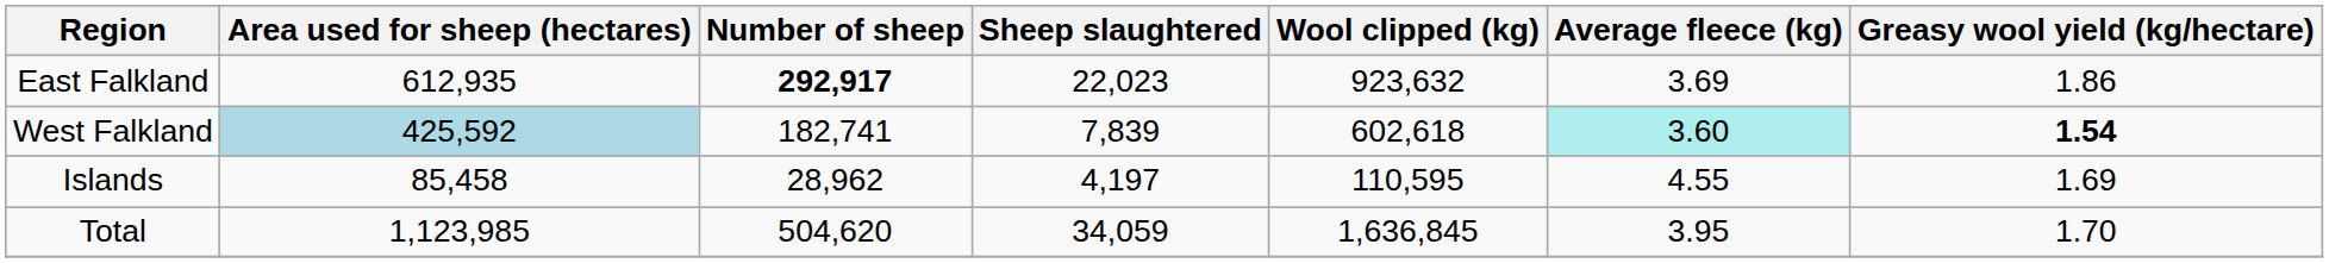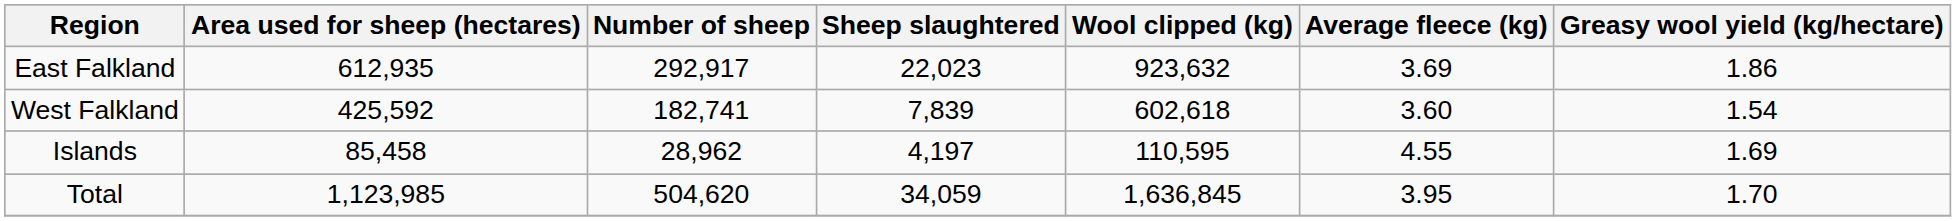 <table class="wikitable" style="text-align: center;">
 <tr bgcolor="#efefef">
 <th>Region</th>
 <th>Area used for sheep (hectares)</th>
 <th>Number of sheep</th>
 <th>Sheep slaughtered</th>
 <th>Wool clipped (kg)</th>
 <th>Average fleece (kg)</th>
 <th>Greasy wool yield (kg/hectare)</th>
 </tr>
 <tr>
 <td>East Falkland</td>
 <td>612,935</td>
-<td><strong>292,917</strong></td>
+<td>292,917</td>
 <td>22,023</td>
 <td>923,632</td>
 <td>3.69</td>
 <td>1.86</td>
 </tr>
 <tr>
 <td>West Falkland</td>
-<td style="background: lightblue;">425,592</td>
+<td>425,592</td>
 <td>182,741</td>
 <td>7,839</td>
 <td>602,618</td>
-<td style="background: paleturquoise;">3.60</td>
-<td><strong>1.54</strong></td>
+<td>3.60</td>
+<td>1.54</td>
 </tr>
 <tr>
 <td>Islands</td>
 <td>85,458</td>
 <td>28,962</td>
 <td>4,197</td>
 <td>110,595</td>
 <td>4.55</td>
 <td>1.69</td>
 </tr>
 <tr>
 <td>Total</td>
 <td>1,123,985</td>
 <td>504,620</td>
 <td>34,059</td>
 <td>1,636,845</td>
 <td>3.95</td>
 <td>1.70</td>
 </tr>
 <tr>
 </tr>
 </table>
